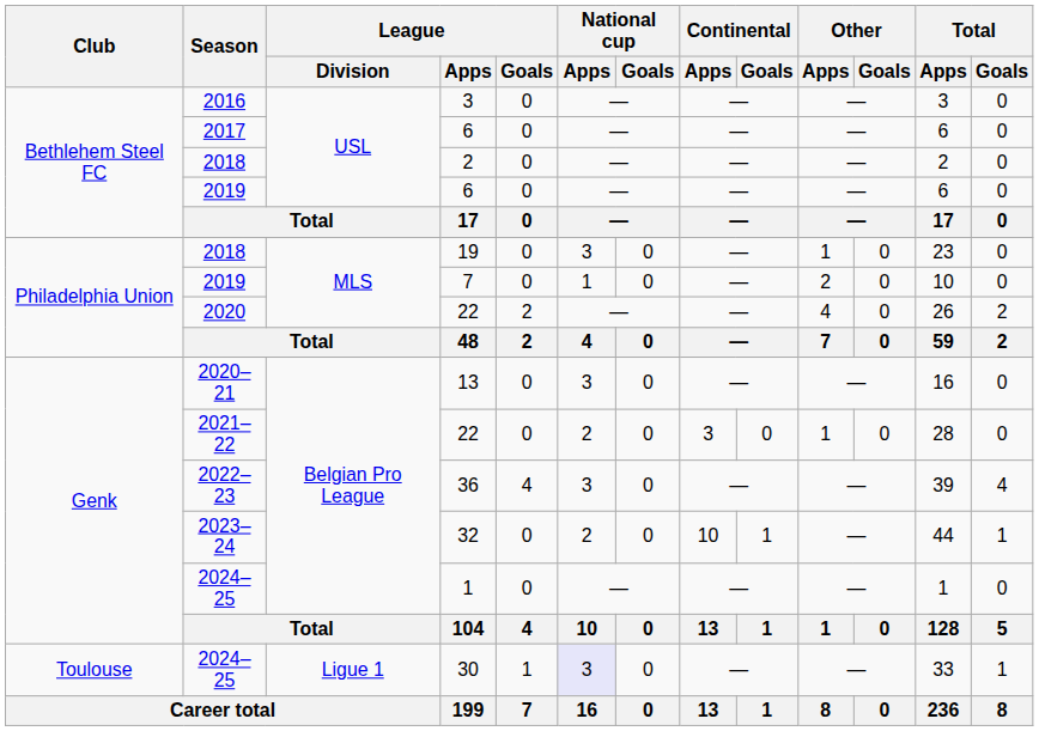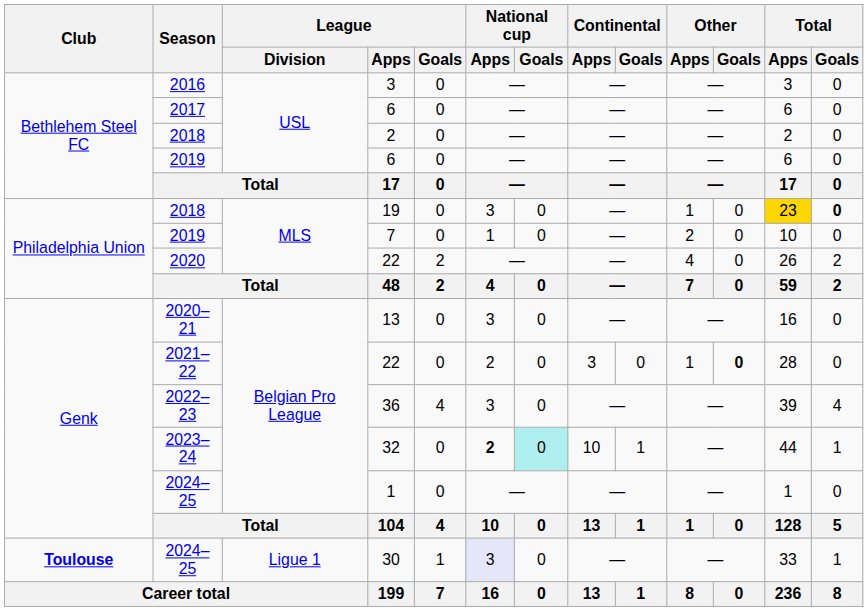 <table class="wikitable" style="text-align:center">
 <tr>
 <th rowspan="2">Club</th>
 <th rowspan="2">Season</th>
 <th colspan="3">League</th>
 <th colspan="2">National cup</th>
 <th colspan="2">Continental</th>
 <th colspan="2">Other</th>
 <th colspan="2">Total</th>
 </tr>
 <tr>
 <th>Division</th>
 <th>Apps</th>
 <th>Goals</th>
 <th>Apps</th>
 <th>Goals</th>
 <th>Apps</th>
 <th>Goals</th>
 <th>Apps</th>
 <th>Goals</th>
 <th>Apps</th>
 <th>Goals</th>
 </tr>
 <tr>
 <td rowspan="5"><a href='#'>Bethlehem Steel FC</a></td>
 <td><a href='#'>2016</a></td>
 <td rowspan="4"><a href='#'>USL</a></td>
 <td>3</td>
 <td>0</td>
 <td colspan="2">—</td>
 <td colspan="2">—</td>
 <td colspan="2">—</td>
 <td>3</td>
 <td>0</td>
 </tr>
 <tr>
 <td><a href='#'>2017</a></td>
 <td>6</td>
 <td>0</td>
 <td colspan="2">—</td>
 <td colspan="2">—</td>
 <td colspan="2">—</td>
 <td>6</td>
 <td>0</td>
 </tr>
 <tr>
 <td><a href='#'>2018</a></td>
 <td>2</td>
 <td>0</td>
 <td colspan="2">—</td>
 <td colspan="2">—</td>
 <td colspan="2">—</td>
 <td>2</td>
 <td>0</td>
 </tr>
 <tr>
 <td><a href='#'>2019</a></td>
 <td>6</td>
 <td>0</td>
 <td colspan="2">—</td>
 <td colspan="2">—</td>
 <td colspan="2">—</td>
 <td>6</td>
 <td>0</td>
 </tr>
 <tr>
 <th colspan="2">Total</th>
 <th>17</th>
 <th>0</th>
 <th colspan="2">—</th>
 <th colspan="2">—</th>
 <th colspan="2">—</th>
 <th>17</th>
 <th>0</th>
 </tr>
 <tr>
 <td rowspan="4"><a href='#'>Philadelphia Union</a></td>
 <td><a href='#'>2018</a></td>
 <td rowspan="3"><a href='#'>MLS</a></td>
 <td>19</td>
 <td>0</td>
 <td>3</td>
 <td>0</td>
 <td colspan="2">—</td>
 <td>1</td>
 <td>0</td>
-<td>23</td>
-<td>0</td>
+<td style="background: gold;">23</td>
+<td><strong>0</strong></td>
 </tr>
 <tr>
 <td><a href='#'>2019</a></td>
 <td>7</td>
 <td>0</td>
 <td>1</td>
 <td>0</td>
 <td colspan="2">—</td>
 <td>2</td>
 <td>0</td>
 <td>10</td>
 <td>0</td>
 </tr>
 <tr>
 <td><a href='#'>2020</a></td>
 <td>22</td>
 <td>2</td>
 <td colspan="2">—</td>
 <td colspan="2">—</td>
 <td>4</td>
 <td>0</td>
 <td>26</td>
 <td>2</td>
 </tr>
 <tr>
 <th colspan="2">Total</th>
 <th>48</th>
 <th>2</th>
 <th>4</th>
 <th>0</th>
 <th colspan="2">—</th>
 <th>7</th>
 <th>0</th>
 <th>59</th>
 <th>2</th>
 </tr>
 <tr>
 <td rowspan="6"><a href='#'>Genk</a></td>
 <td><a href='#'>2020–21</a></td>
 <td rowspan="5"><a href='#'>Belgian Pro League</a></td>
 <td>13</td>
 <td>0</td>
 <td>3</td>
 <td>0</td>
 <td colspan="2">—</td>
 <td colspan="2">—</td>
 <td>16</td>
 <td>0</td>
 </tr>
 <tr>
 <td><a href='#'>2021–22</a></td>
 <td>22</td>
 <td>0</td>
 <td>2</td>
 <td>0</td>
 <td>3</td>
 <td>0</td>
 <td>1</td>
-<td>0</td>
+<td><strong>0</strong></td>
 <td>28</td>
 <td>0</td>
 </tr>
 <tr>
 <td><a href='#'>2022–23</a></td>
 <td>36</td>
 <td>4</td>
 <td>3</td>
 <td>0</td>
 <td colspan="2">—</td>
 <td colspan="2">—</td>
 <td>39</td>
 <td>4</td>
 </tr>
 <tr>
 <td><a href='#'>2023–24</a></td>
 <td>32</td>
 <td>0</td>
-<td>2</td>
-<td>0</td>
+<td><strong>2</strong></td>
+<td style="background: paleturquoise;">0</td>
 <td>10</td>
 <td>1</td>
 <td colspan="2">—</td>
 <td>44</td>
 <td>1</td>
 </tr>
 <tr>
 <td><a href='#'>2024–25</a></td>
 <td>1</td>
 <td>0</td>
 <td colspan="2">—</td>
 <td colspan="2">—</td>
 <td colspan="2">—</td>
 <td>1</td>
 <td>0</td>
 </tr>
 <tr>
 <th colspan="2">Total</th>
 <th>104</th>
 <th>4</th>
 <th>10</th>
 <th>0</th>
 <th>13</th>
 <th>1</th>
 <th>1</th>
 <th>0</th>
 <th>128</th>
 <th>5</th>
 </tr>
 <tr>
-<td><a href='#'>Toulouse</a></td>
+<td><strong><a href='#'>Toulouse</a></strong></td>
 <td><a href='#'>2024–25</a></td>
 <td><a href='#'>Ligue 1</a></td>
 <td>30</td>
 <td>1</td>
 <td style="background: lavender;">3</td>
 <td>0</td>
 <td colspan="2">—</td>
 <td colspan="2">—</td>
 <td>33</td>
 <td>1</td>
 </tr>
 <tr>
 <th colspan="3">Career total</th>
 <th>199</th>
 <th>7</th>
 <th>16</th>
 <th>0</th>
 <th>13</th>
 <th>1</th>
 <th>8</th>
 <th>0</th>
 <th>236</th>
 <th>8</th>
 </tr>
 </table>
